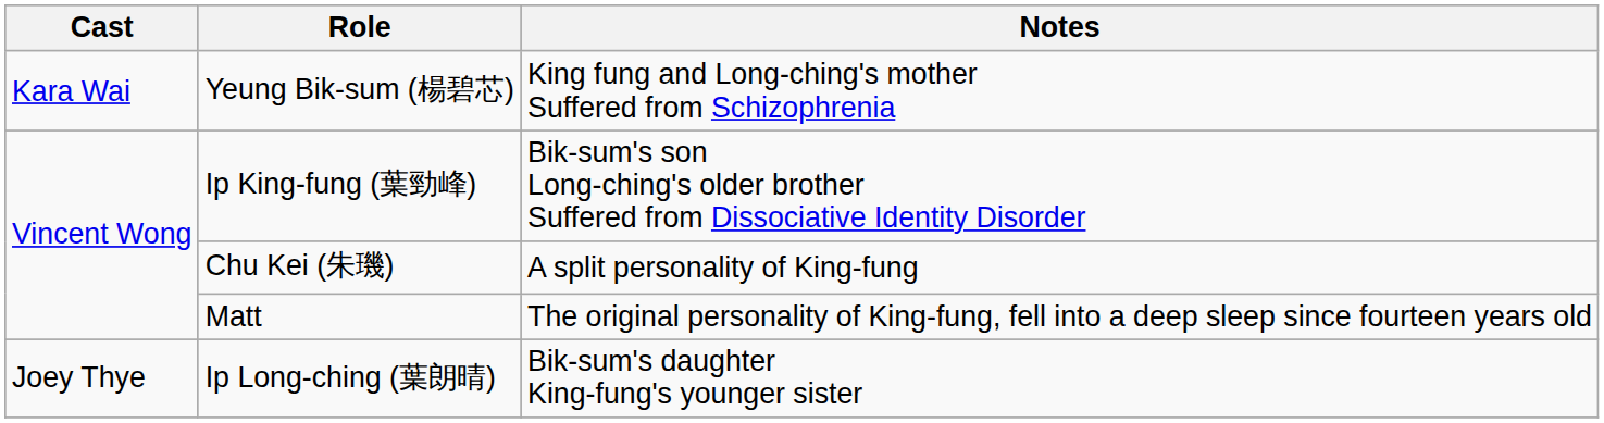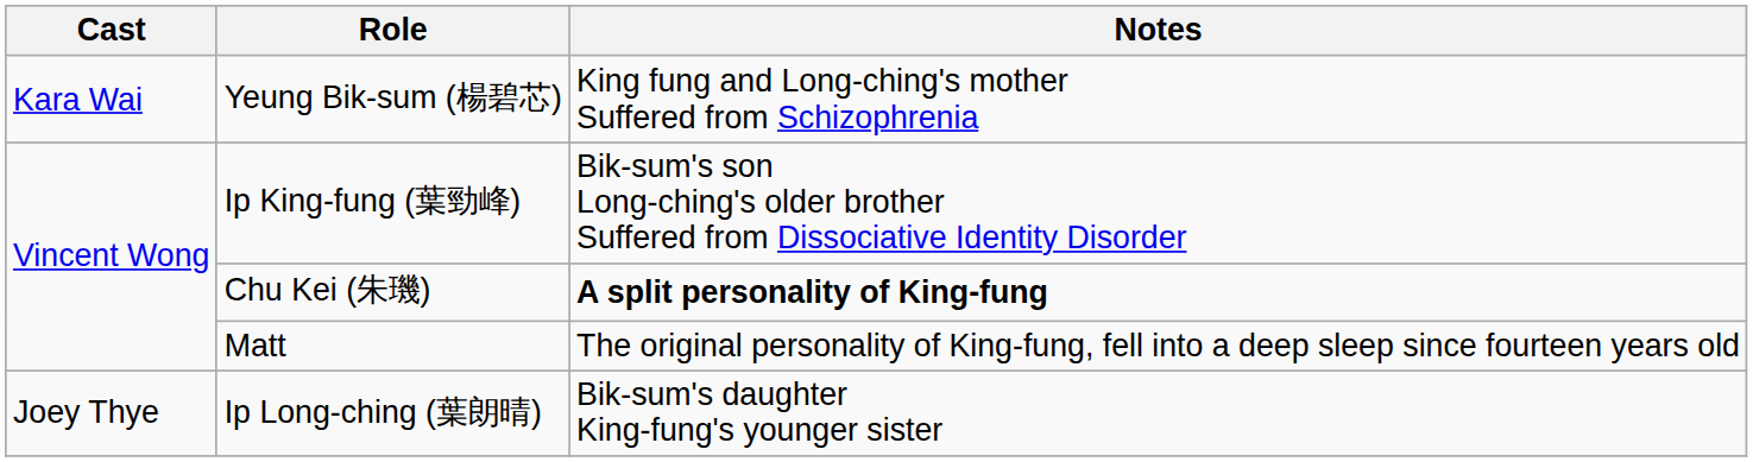 <table class="wikitable sortable">
 <tr>
 <th>Cast</th>
 <th>Role</th>
 <th class="unsortable">Notes</th>
 </tr>
 <tr>
 <td><a href='#'>Kara Wai</a></td>
 <td>Yeung Bik-sum (楊碧芯)</td>
 <td>King fung and Long-ching's mother <br> Suffered from <a href='#'>Schizophrenia</a></td>
 </tr>
 <tr>
 <td rowspan="3"><a href='#'>Vincent Wong</a></td>
 <td>Ip King-fung (葉勁峰)</td>
 <td>Bik-sum's son <br> Long-ching's older brother <br> Suffered from <a href='#'>Dissociative Identity Disorder</a></td>
 </tr>
 <tr>
 <td>Chu Kei (朱璣)</td>
-<td>A split personality of King-fung</td>
+<td><strong>A split personality of King-fung</strong></td>
 </tr>
 <tr>
 <td>Matt</td>
 <td>The original personality of King-fung, fell into a deep sleep since fourteen years old</td>
 </tr>
 <tr>
 <td>Joey Thye</td>
 <td>Ip Long-ching (葉朗晴)</td>
 <td>Bik-sum's daughter <br> King-fung's younger sister</td>
 </tr>
 </table>
